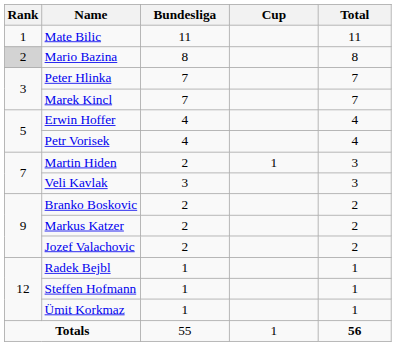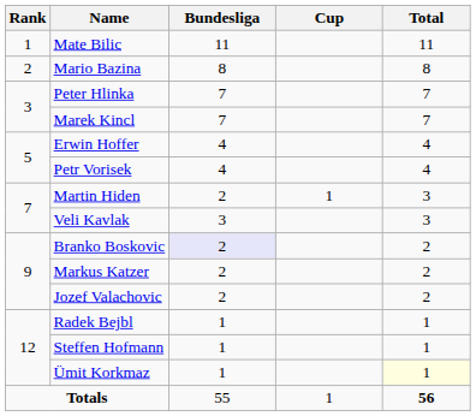 <table class="wikitable" style="text-align: center;">
 <tr>
 <th>Rank</th>
 <th>Name</th>
 <th width=100>Bundesliga</th>
 <th width=100>Cup</th>
 <th width=80><strong>Total</strong></th>
 </tr>
 <tr>
 <td>1</td>
 <td align="left"> <a href='#'>Mate Bilic</a></td>
 <td>11</td>
 <td></td>
 <td>11</td>
 </tr>
 <tr>
-<td style="background: lightgrey;">2</td>
+<td>2</td>
 <td align="left"> <a href='#'>Mario Bazina</a></td>
 <td>8</td>
 <td></td>
 <td>8</td>
 </tr>
 <tr>
 <td rowspan="2">3</td>
 <td align="left"> <a href='#'>Peter Hlinka</a></td>
 <td>7</td>
 <td></td>
 <td>7</td>
 </tr>
 <tr>
 <td align="left"> <a href='#'>Marek Kincl</a></td>
 <td>7</td>
 <td></td>
 <td>7</td>
 </tr>
 <tr>
 <td rowspan="2">5</td>
 <td align="left"> <a href='#'>Erwin Hoffer</a></td>
 <td>4</td>
 <td></td>
 <td>4</td>
 </tr>
 <tr>
 <td align="left"> <a href='#'>Petr Vorisek</a></td>
 <td>4</td>
 <td></td>
 <td>4</td>
 </tr>
 <tr>
 <td rowspan="2">7</td>
 <td align="left"> <a href='#'>Martin Hiden</a></td>
 <td>2</td>
 <td>1</td>
 <td>3</td>
 </tr>
 <tr>
 <td align="left"> <a href='#'>Veli Kavlak</a></td>
 <td>3</td>
 <td></td>
 <td>3</td>
 </tr>
 <tr>
 <td rowspan="3">9</td>
 <td align="left"> <a href='#'>Branko Boskovic</a></td>
-<td>2</td>
+<td style="background: lavender;">2</td>
 <td></td>
 <td>2</td>
 </tr>
 <tr>
 <td align="left"> <a href='#'>Markus Katzer</a></td>
 <td>2</td>
 <td></td>
 <td>2</td>
 </tr>
 <tr>
 <td align="left"> <a href='#'>Jozef Valachovic</a></td>
 <td>2</td>
 <td></td>
 <td>2</td>
 </tr>
 <tr>
 <td rowspan="3">12</td>
 <td align="left"> <a href='#'>Radek Bejbl</a></td>
 <td>1</td>
 <td></td>
 <td>1</td>
 </tr>
 <tr>
 <td align="left"> <a href='#'>Steffen Hofmann</a></td>
 <td>1</td>
 <td></td>
 <td>1</td>
 </tr>
 <tr>
 <td align="left"> <a href='#'>Ümit Korkmaz</a></td>
 <td>1</td>
 <td></td>
-<td>1</td>
+<td style="background: lightyellow;">1</td>
 </tr>
 <tr>
 <td colspan="2"><strong>Totals</strong></td>
 <td>55</td>
 <td>1</td>
 <td><strong>56</strong></td>
 </tr>
 </table>
